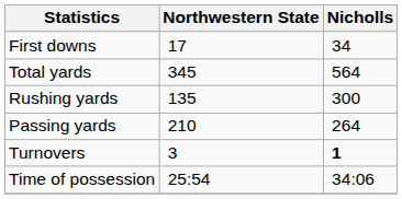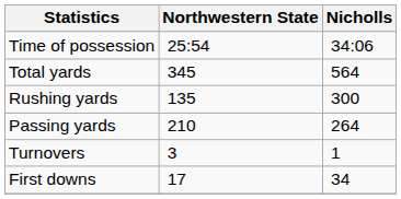 <table class="wikitable">
 <tr>
 <th>Statistics</th>
 <th>Northwestern State</th>
 <th>Nicholls</th>
 </tr>
 <tr>
-<td>First downs</td>
-<td> 17</td>
-<td> 34</td>
+<td>Time of possession</td>
+<td> 25:54</td>
+<td> 34:06</td>
 </tr>
 <tr>
 <td>Total yards</td>
 <td> 345</td>
 <td> 564</td>
 </tr>
 <tr>
 <td>Rushing yards</td>
 <td> 135</td>
 <td> 300</td>
 </tr>
 <tr>
 <td>Passing yards</td>
 <td> 210</td>
 <td> 264</td>
 </tr>
 <tr>
 <td>Turnovers</td>
 <td> 3</td>
-<td><strong> 1</strong></td>
+<td> 1</td>
 </tr>
 <tr>
-<td>Time of possession</td>
-<td> 25:54</td>
-<td> 34:06</td>
+<td>First downs</td>
+<td> 17</td>
+<td> 34</td>
 </tr>
 <tr>
 </tr>
 </table>
